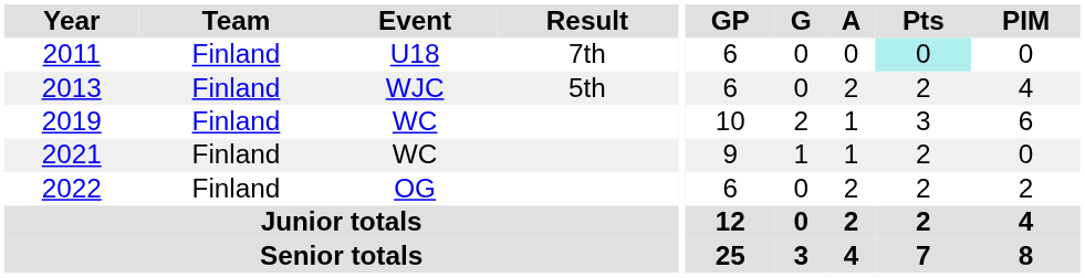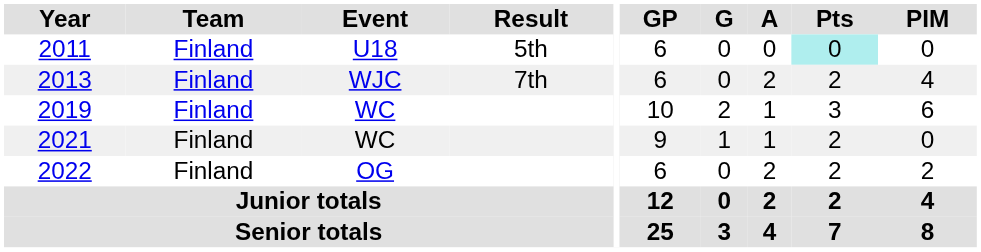 <table border="0" cellpadding="1" cellspacing="0" ID="Table3" style="text-align:center; width:40em">
 <tr bgcolor="#e0e0e0">
 <th>Year</th>
 <th>Team</th>
 <th>Event</th>
 <th>Result</th>
 <th rowspan="99" bgcolor="#ffffff"></th>
 <th>GP</th>
 <th>G</th>
 <th>A</th>
 <th>Pts</th>
 <th>PIM</th>
 </tr>
 <tr>
 <td><a href='#'>2011</a></td>
 <td><a href='#'>Finland</a></td>
 <td><a href='#'>U18</a></td>
-<td>7th</td>
+<td>5th</td>
 <td>6</td>
 <td>0</td>
 <td>0</td>
 <td style="background: paleturquoise;">0</td>
 <td>0</td>
 </tr>
 <tr bgcolor="#f0f0f0">
 <td><a href='#'>2013</a></td>
 <td><a href='#'>Finland</a></td>
 <td><a href='#'>WJC</a></td>
-<td>5th</td>
+<td>7th</td>
 <td>6</td>
 <td>0</td>
 <td>2</td>
 <td>2</td>
 <td>4</td>
 </tr>
 <tr>
 <td><a href='#'>2019</a></td>
 <td><a href='#'>Finland</a></td>
 <td><a href='#'>WC</a></td>
 <td></td>
 <td>10</td>
 <td>2</td>
 <td>1</td>
 <td>3</td>
 <td>6</td>
 </tr>
 <tr bgcolor="#f0f0f0">
 <td><a href='#'>2021</a></td>
 <td>Finland</td>
 <td>WC</td>
 <td></td>
 <td>9</td>
 <td>1</td>
 <td>1</td>
 <td>2</td>
 <td>0</td>
 </tr>
 <tr>
 <td><a href='#'>2022</a></td>
 <td>Finland</td>
 <td><a href='#'>OG</a></td>
 <td></td>
 <td>6</td>
 <td>0</td>
 <td>2</td>
 <td>2</td>
 <td>2</td>
 </tr>
 <tr bgcolor="#e0e0e0">
 <th colspan="4">Junior totals</th>
 <th>12</th>
 <th>0</th>
 <th>2</th>
 <th>2</th>
 <th>4</th>
 </tr>
 <tr bgcolor="#e0e0e0">
 <th colspan="4">Senior totals</th>
 <th>25</th>
 <th>3</th>
 <th>4</th>
 <th>7</th>
 <th>8</th>
 </tr>
 </table>
